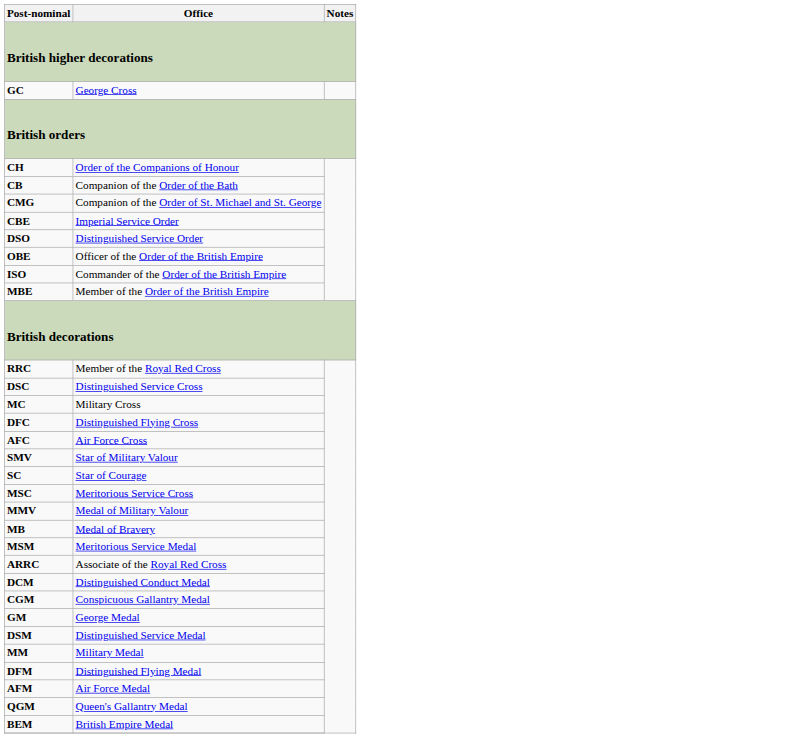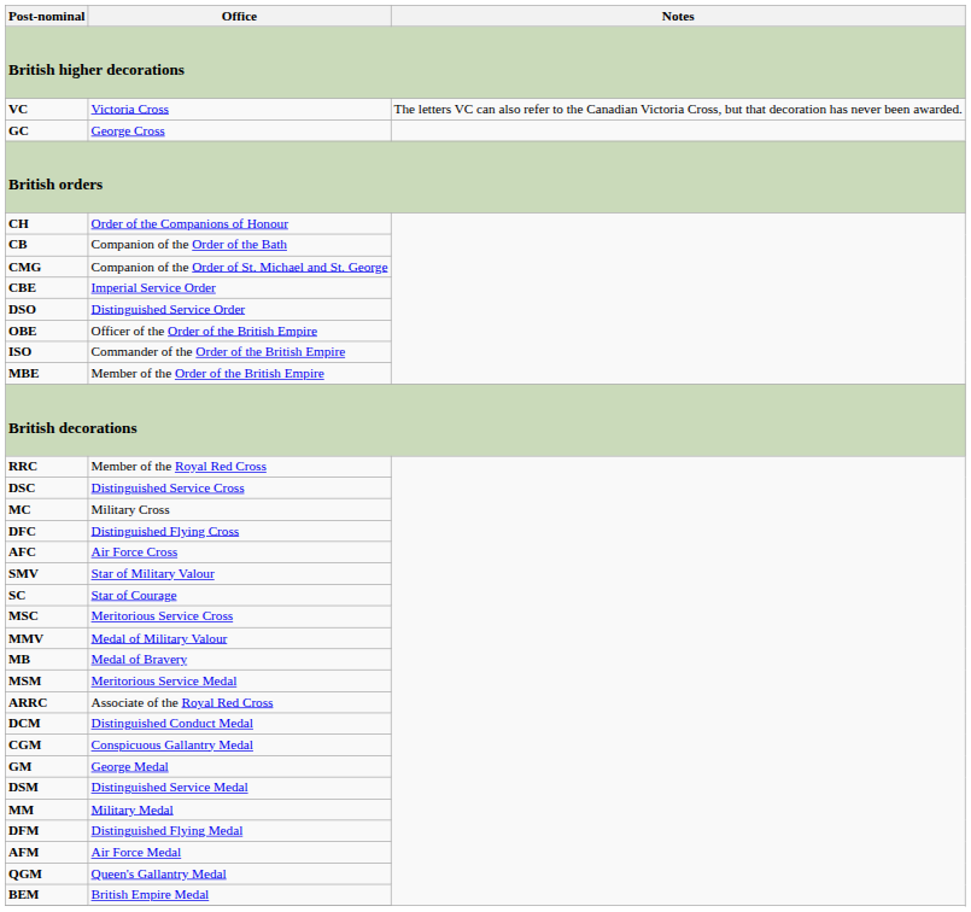 <table class="wikitable">
 <tr>
 <th>Post-nominal</th>
 <th>Office</th>
 <th>Notes</th>
 </tr>
 <tr>
 <td colspan="3" bgcolor="#CADABA"><br><h3>British higher decorations</h3></td>
+</tr>
+<tr>
+<td><strong>VC</strong></td>
+<td><a href='#'>Victoria Cross</a></td>
+<td>The letters VC can also refer to the Canadian Victoria Cross, but that decoration has never been awarded.</td>
 </tr>
 <tr>
 <td><strong>GC</strong></td>
 <td><a href='#'>George Cross</a></td>
 </tr>
 <tr>
 <td colspan="3" bgcolor="#CADABA"><br><h3>British orders</h3></td>
 </tr>
 <tr>
 <td><strong>CH</strong></td>
 <td><a href='#'>Order of the Companions of Honour</a></td>
 </tr>
 <tr>
 <td><strong>CB</strong></td>
 <td>Companion of the <a href='#'>Order of the Bath</a></td>
 </tr>
 <tr>
 <td><strong>CMG</strong></td>
 <td>Companion of the <a href='#'>Order of St. Michael and St. George</a></td>
 </tr>
 <tr>
 <td><strong>CBE</strong></td>
 <td><a href='#'>Imperial Service Order</a></td>
 </tr>
 <tr>
 <td><strong>DSO</strong></td>
 <td><a href='#'>Distinguished Service Order</a></td>
 </tr>
 <tr>
 <td><strong>OBE</strong></td>
 <td>Officer of the <a href='#'>Order of the British Empire</a></td>
 </tr>
 <tr>
 <td><strong>ISO</strong></td>
 <td>Commander of the <a href='#'>Order of the British Empire</a></td>
 </tr>
 <tr>
 <td><strong>MBE</strong></td>
 <td>Member of the <a href='#'>Order of the British Empire</a></td>
 </tr>
 <tr>
 <td colspan="3" bgcolor="#CADABA"><br><h3>British decorations</h3></td>
 </tr>
 <tr>
 <td><strong>RRC</strong></td>
 <td>Member of the <a href='#'>Royal Red Cross</a></td>
 </tr>
 <tr>
 <td><strong>DSC</strong></td>
 <td><a href='#'>Distinguished Service Cross</a></td>
 </tr>
 <tr>
 <td><strong>MC</strong></td>
 <td>Military Cross</td>
 </tr>
 <tr>
 <td><strong>DFC</strong></td>
 <td><a href='#'>Distinguished Flying Cross</a></td>
 </tr>
 <tr>
 <td><strong>AFC</strong></td>
 <td><a href='#'>Air Force Cross</a></td>
 </tr>
 <tr>
 <td><strong>SMV</strong></td>
 <td><a href='#'>Star of Military Valour</a></td>
 </tr>
 <tr>
 <td><strong>SC</strong></td>
 <td><a href='#'>Star of Courage</a></td>
 </tr>
 <tr>
 <td><strong>MSC</strong></td>
 <td><a href='#'>Meritorious Service Cross</a></td>
 </tr>
 <tr>
 <td><strong>MMV</strong></td>
 <td><a href='#'>Medal of Military Valour</a></td>
 </tr>
 <tr>
 <td><strong>MB</strong></td>
 <td><a href='#'>Medal of Bravery</a></td>
 </tr>
 <tr>
 <td><strong>MSM</strong></td>
 <td><a href='#'>Meritorious Service Medal</a></td>
 </tr>
 <tr>
 <td><strong>ARRC</strong></td>
 <td>Associate of the <a href='#'>Royal Red Cross</a></td>
 </tr>
 <tr>
 <td><strong>DCM</strong></td>
 <td><a href='#'>Distinguished Conduct Medal</a></td>
 </tr>
 <tr>
 <td><strong>CGM</strong></td>
 <td><a href='#'>Conspicuous Gallantry Medal</a></td>
 </tr>
 <tr>
 <td><strong>GM</strong></td>
 <td><a href='#'>George Medal</a></td>
 </tr>
 <tr>
 <td><strong>DSM</strong></td>
 <td><a href='#'>Distinguished Service Medal</a></td>
 </tr>
 <tr>
 <td><strong>MM</strong></td>
 <td><a href='#'>Military Medal</a></td>
 </tr>
 <tr>
 <td><strong>DFM</strong></td>
 <td><a href='#'>Distinguished Flying Medal</a></td>
 </tr>
 <tr>
 <td><strong>AFM</strong></td>
 <td><a href='#'>Air Force Medal</a></td>
 </tr>
 <tr>
 <td><strong>QGM</strong></td>
 <td><a href='#'>Queen's Gallantry Medal</a></td>
 </tr>
 <tr>
 <td><strong>BEM</strong></td>
 <td><a href='#'>British Empire Medal</a></td>
 </tr>
 <tr>
 </tr>
 </table>
